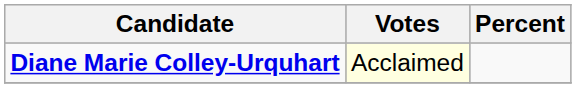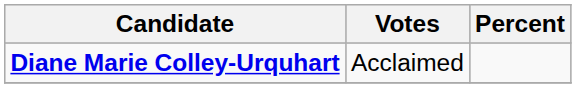 <table class="wikitable">
 <tr>
 <th>Candidate</th>
 <th>Votes</th>
 <th>Percent</th>
 </tr>
 <tr>
 <td style="font-weight:bold;"><a href='#'>Diane Marie Colley-Urquhart</a></td>
-<td style="background: lightyellow; text-align:right;">Acclaimed</td>
+<td style="text-align:right;">Acclaimed</td>
 <td style="text-align:right;"></td>
 </tr>
 <tr>
 </tr>
 </table>
